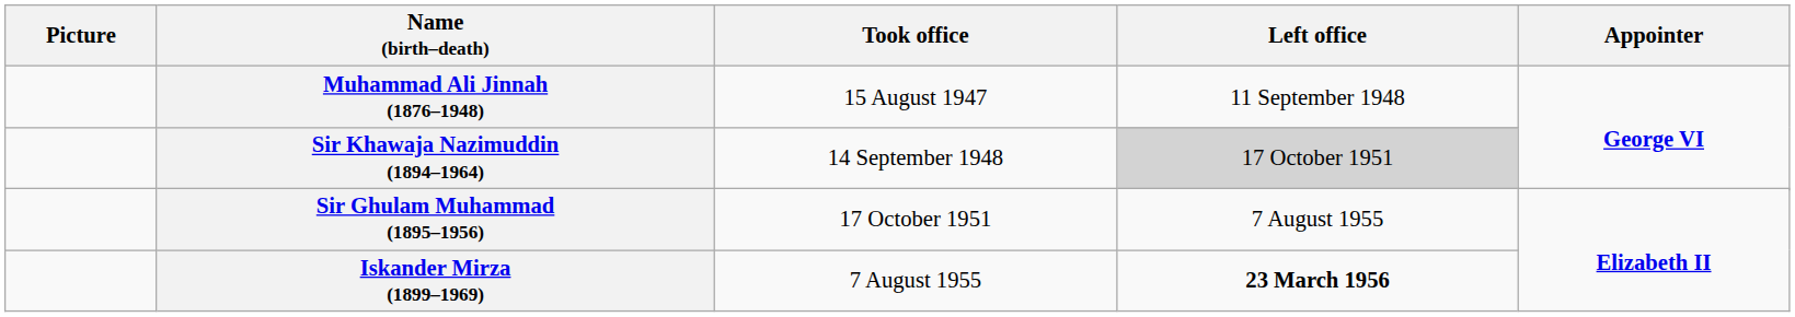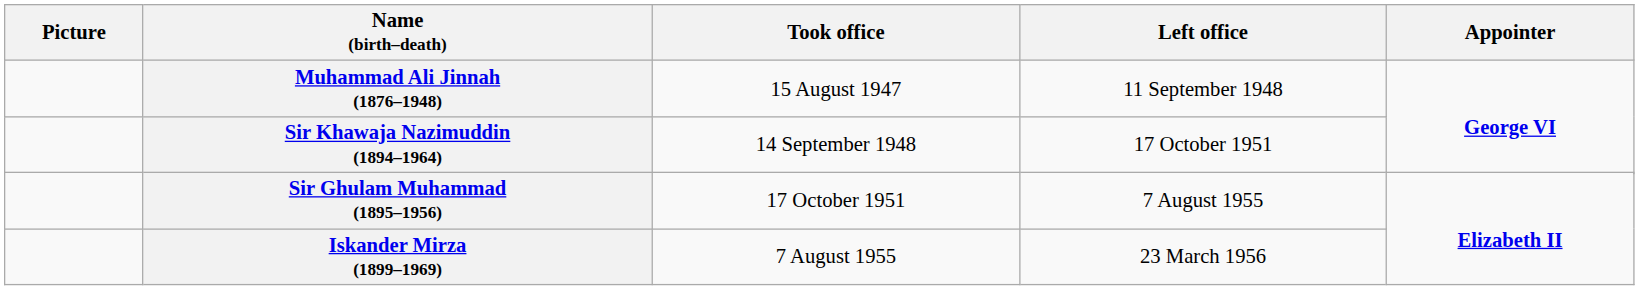 <table class="wikitable" width="100%" style="text-align:center;">
 <tr>
 <th width="100px">Picture</th>
 <th>Name<br><small>(birth–death)</small></th>
 <th>Took office</th>
 <th>Left office</th>
 <th>Appointer</th>
 </tr>
 <tr align="center">
 <td></td>
 <th><a href='#'>Muhammad Ali Jinnah</a><br><small>(1876–1948)</small></th>
 <td>15 August 1947</td>
 <td>11 September 1948</td>
 <td rowspan="3"><br><strong><a href='#'>George VI</a></strong></td>
 </tr>
 <tr align="center">
 <td></td>
 <th><a href='#'>Sir Khawaja Nazimuddin</a><br><small>(1894–1964)</small></th>
 <td>14 September 1948</td>
-<td style="background: lightgrey;">17 October 1951</td>
+<td>17 October 1951</td>
 </tr>
 <tr>
 <td rowspan="2"></td>
 <th rowspan="2"><a href='#'>Sir Ghulam Muhammad</a><br><small>(1895–1956)</small></th>
 <td rowspan="2">17 October 1951</td>
 <td rowspan="2">7 August 1955</td>
 </tr>
 <tr>
 <td rowspan="2"><br><strong><a href='#'>Elizabeth II</a></strong></td>
 </tr>
 <tr>
 <td></td>
 <th><a href='#'>Iskander Mirza</a><br><small>(1899–1969)</small></th>
 <td>7 August 1955</td>
-<td><strong>23 March 1956</strong></td>
+<td>23 March 1956</td>
 </tr>
 </table>
